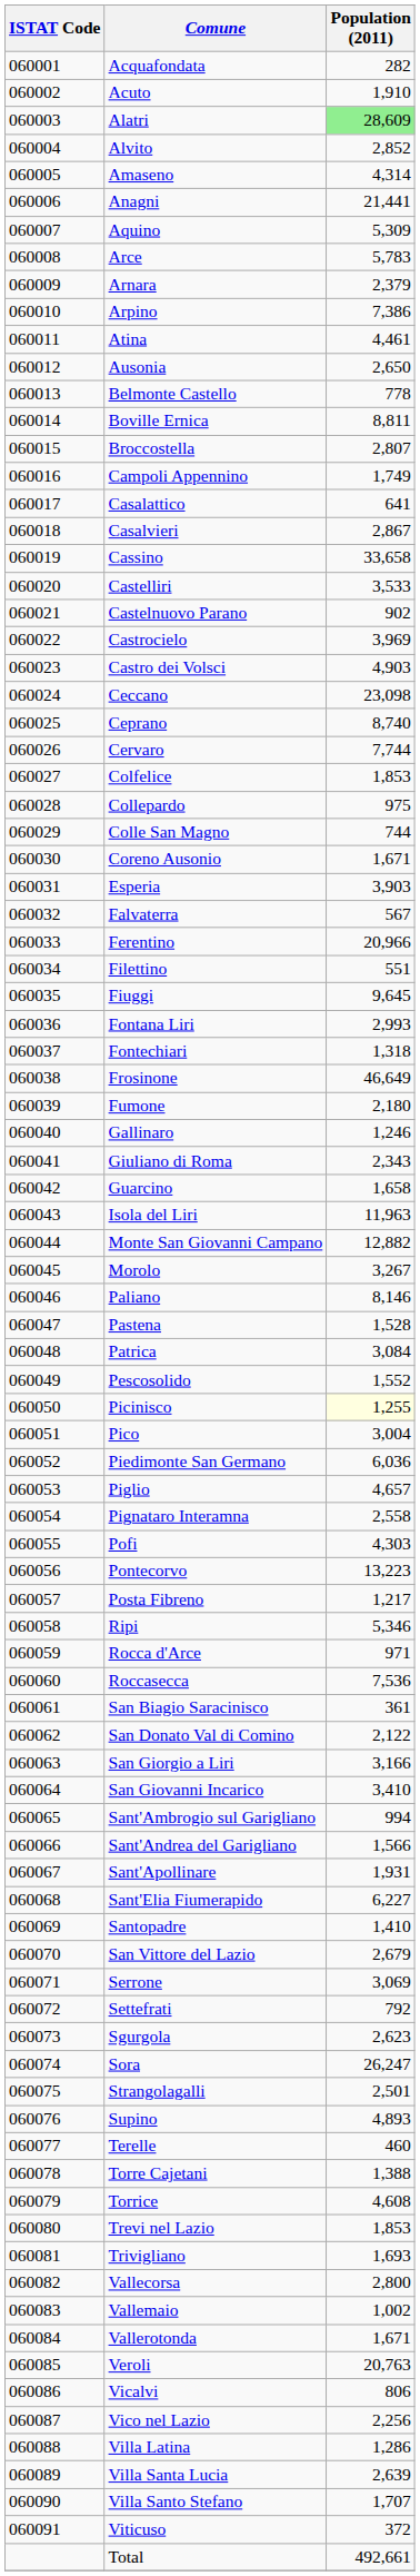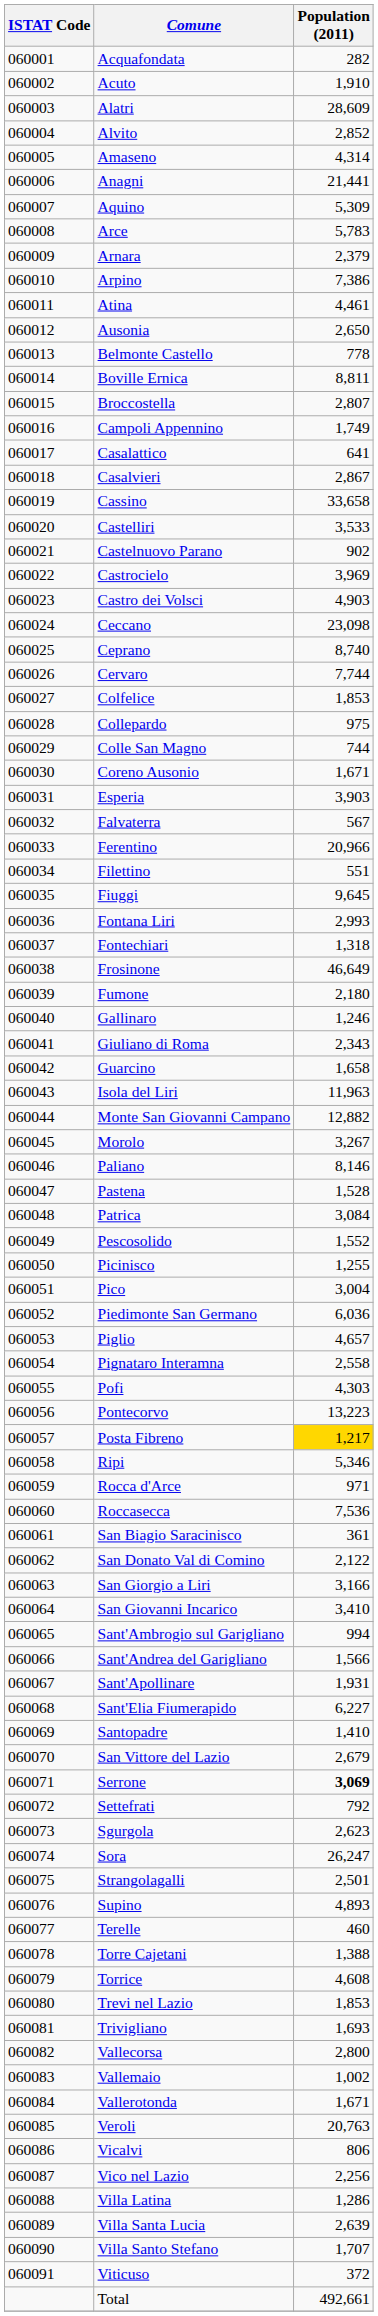 <table class="wikitable sortable">
 <tr>
 <th><a href='#'>ISTAT</a> Code</th>
 <th><em><a href='#'>Comune</a></em></th>
 <th>Population <br>(2011)</th>
 </tr>
 <tr>
 <td>060001</td>
 <td><a href='#'>Acquafondata</a></td>
 <td align="right">282</td>
 </tr>
 <tr>
 <td>060002</td>
 <td><a href='#'>Acuto</a></td>
 <td align="right">1,910</td>
 </tr>
 <tr>
 <td>060003</td>
 <td><a href='#'>Alatri</a></td>
-<td align="right" style="background: lightgreen;">28,609</td>
+<td align="right">28,609</td>
 </tr>
 <tr>
 <td>060004</td>
 <td><a href='#'>Alvito</a></td>
 <td align="right">2,852</td>
 </tr>
 <tr>
 <td>060005</td>
 <td><a href='#'>Amaseno</a></td>
 <td align="right">4,314</td>
 </tr>
 <tr>
 <td>060006</td>
 <td><a href='#'>Anagni</a></td>
 <td align="right">21,441</td>
 </tr>
 <tr>
 <td>060007</td>
 <td><a href='#'>Aquino</a></td>
 <td align="right">5,309</td>
 </tr>
 <tr>
 <td>060008</td>
 <td><a href='#'>Arce</a></td>
 <td align="right">5,783</td>
 </tr>
 <tr>
 <td>060009</td>
 <td><a href='#'>Arnara</a></td>
 <td align="right">2,379</td>
 </tr>
 <tr>
 <td>060010</td>
 <td><a href='#'>Arpino</a></td>
 <td align="right">7,386</td>
 </tr>
 <tr>
 <td>060011</td>
 <td><a href='#'>Atina</a></td>
 <td align="right">4,461</td>
 </tr>
 <tr>
 <td>060012</td>
 <td><a href='#'>Ausonia</a></td>
 <td align="right">2,650</td>
 </tr>
 <tr>
 <td>060013</td>
 <td><a href='#'>Belmonte Castello</a></td>
 <td align="right">778</td>
 </tr>
 <tr>
 <td>060014</td>
 <td><a href='#'>Boville Ernica</a></td>
 <td align="right">8,811</td>
 </tr>
 <tr>
 <td>060015</td>
 <td><a href='#'>Broccostella</a></td>
 <td align="right">2,807</td>
 </tr>
 <tr>
 <td>060016</td>
 <td><a href='#'>Campoli Appennino</a></td>
 <td align="right">1,749</td>
 </tr>
 <tr>
 <td>060017</td>
 <td><a href='#'>Casalattico</a></td>
 <td align="right">641</td>
 </tr>
 <tr>
 <td>060018</td>
 <td><a href='#'>Casalvieri</a></td>
 <td align="right">2,867</td>
 </tr>
 <tr>
 <td>060019</td>
 <td><a href='#'>Cassino</a></td>
 <td align="right">33,658</td>
 </tr>
 <tr>
 <td>060020</td>
 <td><a href='#'>Castelliri</a></td>
 <td align="right">3,533</td>
 </tr>
 <tr>
 <td>060021</td>
 <td><a href='#'>Castelnuovo Parano</a></td>
 <td align="right">902</td>
 </tr>
 <tr>
 <td>060022</td>
 <td><a href='#'>Castrocielo</a></td>
 <td align="right">3,969</td>
 </tr>
 <tr>
 <td>060023</td>
 <td><a href='#'>Castro dei Volsci</a></td>
 <td align="right">4,903</td>
 </tr>
 <tr>
 <td>060024</td>
 <td><a href='#'>Ceccano</a></td>
 <td align="right">23,098</td>
 </tr>
 <tr>
 <td>060025</td>
 <td><a href='#'>Ceprano</a></td>
 <td align="right">8,740</td>
 </tr>
 <tr>
 <td>060026</td>
 <td><a href='#'>Cervaro</a></td>
 <td align="right">7,744</td>
 </tr>
 <tr>
 <td>060027</td>
 <td><a href='#'>Colfelice</a></td>
 <td align="right">1,853</td>
 </tr>
 <tr>
 <td>060028</td>
 <td><a href='#'>Collepardo</a></td>
 <td align="right">975</td>
 </tr>
 <tr>
 <td>060029</td>
 <td><a href='#'>Colle San Magno</a></td>
 <td align="right">744</td>
 </tr>
 <tr>
 <td>060030</td>
 <td><a href='#'>Coreno Ausonio</a></td>
 <td align="right">1,671</td>
 </tr>
 <tr>
 <td>060031</td>
 <td><a href='#'>Esperia</a></td>
 <td align="right">3,903</td>
 </tr>
 <tr>
 <td>060032</td>
 <td><a href='#'>Falvaterra</a></td>
 <td align="right">567</td>
 </tr>
 <tr>
 <td>060033</td>
 <td><a href='#'>Ferentino</a></td>
 <td align="right">20,966</td>
 </tr>
 <tr>
 <td>060034</td>
 <td><a href='#'>Filettino</a></td>
 <td align="right">551</td>
 </tr>
 <tr>
 <td>060035</td>
 <td><a href='#'>Fiuggi</a></td>
 <td align="right">9,645</td>
 </tr>
 <tr>
 <td>060036</td>
 <td><a href='#'>Fontana Liri</a></td>
 <td align="right">2,993</td>
 </tr>
 <tr>
 <td>060037</td>
 <td><a href='#'>Fontechiari</a></td>
 <td align="right">1,318</td>
 </tr>
 <tr>
 <td>060038</td>
 <td><a href='#'>Frosinone</a></td>
 <td align="right">46,649</td>
 </tr>
 <tr>
 <td>060039</td>
 <td><a href='#'>Fumone</a></td>
 <td align="right">2,180</td>
 </tr>
 <tr>
 <td>060040</td>
 <td><a href='#'>Gallinaro</a></td>
 <td align="right">1,246</td>
 </tr>
 <tr>
 <td>060041</td>
 <td><a href='#'>Giuliano di Roma</a></td>
 <td align="right">2,343</td>
 </tr>
 <tr>
 <td>060042</td>
 <td><a href='#'>Guarcino</a></td>
 <td align="right">1,658</td>
 </tr>
 <tr>
 <td>060043</td>
 <td><a href='#'>Isola del Liri</a></td>
 <td align="right">11,963</td>
 </tr>
 <tr>
 <td>060044</td>
 <td><a href='#'>Monte San Giovanni Campano</a></td>
 <td align="right">12,882</td>
 </tr>
 <tr>
 <td>060045</td>
 <td><a href='#'>Morolo</a></td>
 <td align="right">3,267</td>
 </tr>
 <tr>
 <td>060046</td>
 <td><a href='#'>Paliano</a></td>
 <td align="right">8,146</td>
 </tr>
 <tr>
 <td>060047</td>
 <td><a href='#'>Pastena</a></td>
 <td align="right">1,528</td>
 </tr>
 <tr>
 <td>060048</td>
 <td><a href='#'>Patrica</a></td>
 <td align="right">3,084</td>
 </tr>
 <tr>
 <td>060049</td>
 <td><a href='#'>Pescosolido</a></td>
 <td align="right">1,552</td>
 </tr>
 <tr>
 <td>060050</td>
 <td><a href='#'>Picinisco</a></td>
-<td align="right" style="background: lightyellow;">1,255</td>
+<td align="right">1,255</td>
 </tr>
 <tr>
 <td>060051</td>
 <td><a href='#'>Pico</a></td>
 <td align="right">3,004</td>
 </tr>
 <tr>
 <td>060052</td>
 <td><a href='#'>Piedimonte San Germano</a></td>
 <td align="right">6,036</td>
 </tr>
 <tr>
 <td>060053</td>
 <td><a href='#'>Piglio</a></td>
 <td align="right">4,657</td>
 </tr>
 <tr>
 <td>060054</td>
 <td><a href='#'>Pignataro Interamna</a></td>
 <td align="right">2,558</td>
 </tr>
 <tr>
 <td>060055</td>
 <td><a href='#'>Pofi</a></td>
 <td align="right">4,303</td>
 </tr>
 <tr>
 <td>060056</td>
 <td><a href='#'>Pontecorvo</a></td>
 <td align="right">13,223</td>
 </tr>
 <tr>
 <td>060057</td>
 <td><a href='#'>Posta Fibreno</a></td>
-<td align="right">1,217</td>
+<td align="right" style="background: gold;">1,217</td>
 </tr>
 <tr>
 <td>060058</td>
 <td><a href='#'>Ripi</a></td>
 <td align="right">5,346</td>
 </tr>
 <tr>
 <td>060059</td>
 <td><a href='#'>Rocca d'Arce</a></td>
 <td align="right">971</td>
 </tr>
 <tr>
 <td>060060</td>
 <td><a href='#'>Roccasecca</a></td>
 <td align="right">7,536</td>
 </tr>
 <tr>
 <td>060061</td>
 <td><a href='#'>San Biagio Saracinisco</a></td>
 <td align="right">361</td>
 </tr>
 <tr>
 <td>060062</td>
 <td><a href='#'>San Donato Val di Comino</a></td>
 <td align="right">2,122</td>
 </tr>
 <tr>
 <td>060063</td>
 <td><a href='#'>San Giorgio a Liri</a></td>
 <td align="right">3,166</td>
 </tr>
 <tr>
 <td>060064</td>
 <td><a href='#'>San Giovanni Incarico</a></td>
 <td align="right">3,410</td>
 </tr>
 <tr>
 <td>060065</td>
 <td><a href='#'>Sant'Ambrogio sul Garigliano</a></td>
 <td align="right">994</td>
 </tr>
 <tr>
 <td>060066</td>
 <td><a href='#'>Sant'Andrea del Garigliano</a></td>
 <td align="right">1,566</td>
 </tr>
 <tr>
 <td>060067</td>
 <td><a href='#'>Sant'Apollinare</a></td>
 <td align="right">1,931</td>
 </tr>
 <tr>
 <td>060068</td>
 <td><a href='#'>Sant'Elia Fiumerapido</a></td>
 <td align="right">6,227</td>
 </tr>
 <tr>
 <td>060069</td>
 <td><a href='#'>Santopadre</a></td>
 <td align="right">1,410</td>
 </tr>
 <tr>
 <td>060070</td>
 <td><a href='#'>San Vittore del Lazio</a></td>
 <td align="right">2,679</td>
 </tr>
 <tr>
 <td>060071</td>
 <td><a href='#'>Serrone</a></td>
-<td align="right">3,069</td>
+<td align="right"><strong>3,069</strong></td>
 </tr>
 <tr>
 <td>060072</td>
 <td><a href='#'>Settefrati</a></td>
 <td align="right">792</td>
 </tr>
 <tr>
 <td>060073</td>
 <td><a href='#'>Sgurgola</a></td>
 <td align="right">2,623</td>
 </tr>
 <tr>
 <td>060074</td>
 <td><a href='#'>Sora</a></td>
 <td align="right">26,247</td>
 </tr>
 <tr>
 <td>060075</td>
 <td><a href='#'>Strangolagalli</a></td>
 <td align="right">2,501</td>
 </tr>
 <tr>
 <td>060076</td>
 <td><a href='#'>Supino</a></td>
 <td align="right">4,893</td>
 </tr>
 <tr>
 <td>060077</td>
 <td><a href='#'>Terelle</a></td>
 <td align="right">460</td>
 </tr>
 <tr>
 <td>060078</td>
 <td><a href='#'>Torre Cajetani</a></td>
 <td align="right">1,388</td>
 </tr>
 <tr>
 <td>060079</td>
 <td><a href='#'>Torrice</a></td>
 <td align="right">4,608</td>
 </tr>
 <tr>
 <td>060080</td>
 <td><a href='#'>Trevi nel Lazio</a></td>
 <td align="right">1,853</td>
 </tr>
 <tr>
 <td>060081</td>
 <td><a href='#'>Trivigliano</a></td>
 <td align="right">1,693</td>
 </tr>
 <tr>
 <td>060082</td>
 <td><a href='#'>Vallecorsa</a></td>
 <td align="right">2,800</td>
 </tr>
 <tr>
 <td>060083</td>
 <td><a href='#'>Vallemaio</a></td>
 <td align="right">1,002</td>
 </tr>
 <tr>
 <td>060084</td>
 <td><a href='#'>Vallerotonda</a></td>
 <td align="right">1,671</td>
 </tr>
 <tr>
 <td>060085</td>
 <td><a href='#'>Veroli</a></td>
 <td align="right">20,763</td>
 </tr>
 <tr>
 <td>060086</td>
 <td><a href='#'>Vicalvi</a></td>
 <td align="right">806</td>
 </tr>
 <tr>
 <td>060087</td>
 <td><a href='#'>Vico nel Lazio</a></td>
 <td align="right">2,256</td>
 </tr>
 <tr>
 <td>060088</td>
 <td><a href='#'>Villa Latina</a></td>
 <td align="right">1,286</td>
 </tr>
 <tr>
 <td>060089</td>
 <td><a href='#'>Villa Santa Lucia</a></td>
 <td align="right">2,639</td>
 </tr>
 <tr>
 <td>060090</td>
 <td><a href='#'>Villa Santo Stefano</a></td>
 <td align="right">1,707</td>
 </tr>
 <tr>
 <td>060091</td>
 <td><a href='#'>Viticuso</a></td>
 <td align="right">372</td>
 </tr>
 <tr>
 <td></td>
 <td>Total</td>
 <td align="right">492,661</td>
 </tr>
 <tr>
 </tr>
 </table>
